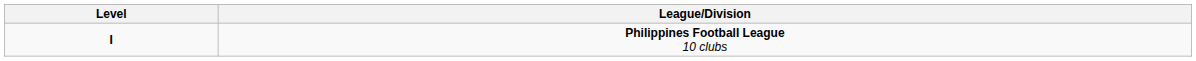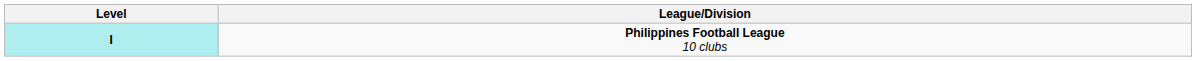 <table class="wikitable" style="text-align: center;" width="100%">
 <tr>
 <th>Level</th>
 <th>League/Division</th>
 </tr>
 <tr>
-<td><strong>I</strong></td>
+<td style="background: paleturquoise;"><strong>I</strong></td>
 <td><strong>Philippines Football League</strong><br><em>10 clubs</em></td>
 </tr>
 </table>
